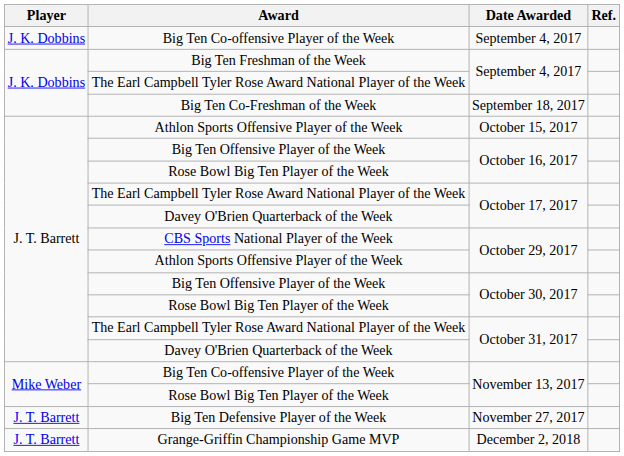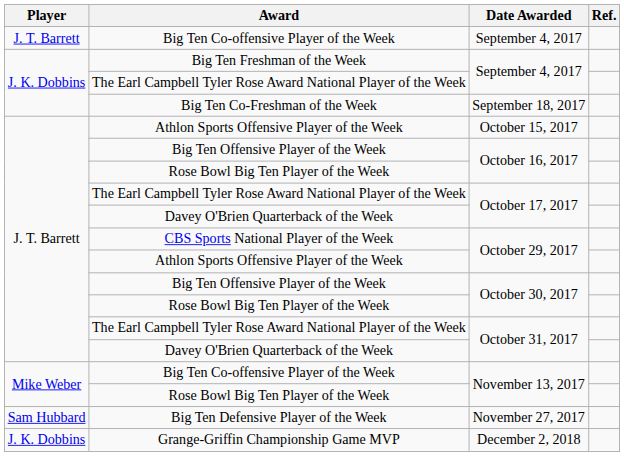 <table class="wikitable sortable sortable" style="text-align: center">
 <tr>
 <th>Player</th>
 <th>Award</th>
 <th>Date Awarded</th>
 <th>Ref.</th>
 </tr>
 <tr>
-<td><a href='#'>J. K. Dobbins</a></td>
+<td><a href='#'>J. T. Barrett</a></td>
 <td>Big Ten Co-offensive Player of the Week</td>
 <td>September 4, 2017</td>
 <td></td>
 </tr>
 <tr>
 <td rowspan="3"><a href='#'>J. K. Dobbins</a></td>
 <td>Big Ten Freshman of the Week</td>
 <td rowspan="2">September 4, 2017</td>
 <td></td>
 </tr>
 <tr>
 <td>The Earl Campbell Tyler Rose Award National Player of the Week</td>
 <td></td>
 </tr>
 <tr>
 <td>Big Ten Co-Freshman of the Week</td>
 <td>September 18, 2017</td>
 <td></td>
 </tr>
 <tr>
 <td rowspan="11">J. T. Barrett</td>
 <td>Athlon Sports Offensive Player of the Week</td>
 <td>October 15, 2017</td>
 <td></td>
 </tr>
 <tr>
 <td>Big Ten Offensive Player of the Week</td>
 <td rowspan="2">October 16, 2017</td>
 <td></td>
 </tr>
 <tr>
 <td>Rose Bowl Big Ten Player of the Week</td>
 <td></td>
 </tr>
 <tr>
 <td>The Earl Campbell Tyler Rose Award National Player of the Week</td>
 <td rowspan="2">October 17, 2017</td>
 <td></td>
 </tr>
 <tr>
 <td>Davey O'Brien Quarterback of the Week</td>
 <td></td>
 </tr>
 <tr>
 <td><a href='#'>CBS Sports</a> National Player of the Week</td>
 <td rowspan="2">October 29, 2017</td>
 <td></td>
 </tr>
 <tr>
 <td>Athlon Sports Offensive Player of the Week</td>
 <td></td>
 </tr>
 <tr>
 <td>Big Ten Offensive Player of the Week</td>
 <td rowspan="2">October 30, 2017</td>
 <td></td>
 </tr>
 <tr>
 <td>Rose Bowl Big Ten Player of the Week</td>
 <td></td>
 </tr>
 <tr>
 <td>The Earl Campbell Tyler Rose Award National Player of the Week</td>
 <td rowspan="2">October 31, 2017</td>
 <td></td>
 </tr>
 <tr>
 <td>Davey O'Brien Quarterback of the Week</td>
 <td></td>
 </tr>
 <tr>
 <td rowspan="2"><a href='#'>Mike Weber</a></td>
 <td>Big Ten Co-offensive Player of the Week</td>
 <td rowspan="2">November 13, 2017</td>
 <td></td>
 </tr>
 <tr>
 <td>Rose Bowl Big Ten Player of the Week</td>
 <td></td>
 </tr>
 <tr>
-<td><a href='#'>J. T. Barrett</a></td>
+<td><a href='#'>Sam Hubbard</a></td>
 <td>Big Ten Defensive Player of the Week</td>
 <td>November 27, 2017</td>
 <td></td>
 </tr>
 <tr>
-<td><a href='#'>J. T. Barrett</a></td>
+<td><a href='#'>J. K. Dobbins</a></td>
 <td>Grange-Griffin Championship Game MVP</td>
 <td>December 2, 2018</td>
 <td></td>
 </tr>
 </table>
